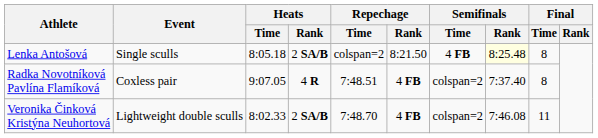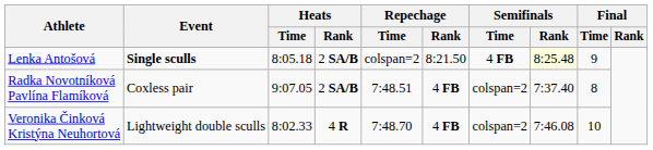 <table class="wikitable" style="font-size:90%">
 <tr>
 <th rowspan="2">Athlete</th>
 <th rowspan="2">Event</th>
 <th colspan="2">Heats</th>
 <th colspan="2">Repechage</th>
 <th colspan="2">Semifinals</th>
 <th colspan="2">Final</th>
 </tr>
 <tr style="font-size:95%">
 <th>Time</th>
 <th>Rank</th>
 <th>Time</th>
 <th>Rank</th>
 <th>Time</th>
 <th>Rank</th>
 <th>Time</th>
 <th>Rank</th>
 </tr>
 <tr align=center>
 <td align=left><a href='#'>Lenka Antošová</a></td>
-<td align=left>Single sculls</td>
+<td align=left><strong>Single sculls</strong></td>
 <td>8:05.18</td>
 <td>2 <strong>SA/B</strong></td>
 <td>colspan=2</td>
 <td>8:21.50</td>
 <td>4 <strong>FB</strong></td>
 <td style="background: lightyellow;">8:25.48</td>
-<td>8</td>
+<td>9</td>
 </tr>
 <tr align=center>
 <td align=left><a href='#'>Radka Novotníková</a><br><a href='#'>Pavlína Flamíková</a></td>
 <td align=left>Coxless pair</td>
 <td>9:07.05</td>
-<td>4 <strong>R</strong></td>
+<td>2 <strong>SA/B</strong></td>
 <td>7:48.51</td>
 <td>4 <strong>FB</strong></td>
 <td>colspan=2</td>
 <td>7:37.40</td>
 <td>8</td>
 </tr>
 <tr align=center>
 <td align=left><a href='#'>Veronika Činková</a><br><a href='#'>Kristýna Neuhortová</a></td>
 <td align=left>Lightweight double sculls</td>
 <td>8:02.33</td>
-<td>2 <strong>SA/B</strong></td>
+<td>4 <strong>R</strong></td>
 <td>7:48.70</td>
 <td>4 <strong>FB</strong></td>
 <td>colspan=2</td>
 <td>7:46.08</td>
-<td>11</td>
+<td>10</td>
 </tr>
 </table>
